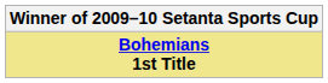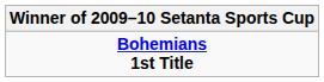 <table class="wikitable" style="text-align: center; margin: 0 auto;">
 <tr>
 <th>Winner of 2009–10 Setanta Sports Cup</th>
 </tr>
 <tr>
-<td style="background: khaki;"> <strong><a href='#'>Bohemians</a></strong><br><strong>1st Title</strong></td>
+<td> <strong><a href='#'>Bohemians</a></strong><br><strong>1st Title</strong></td>
 </tr>
 </table>
